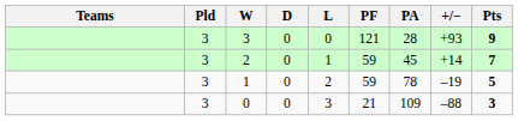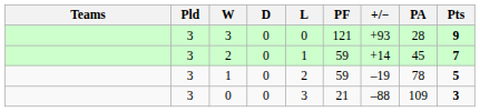 <table class="wikitable" style="text-align: center;">
 <tr>
 <th width="200">Teams</th>
 <th width="40">Pld</th>
 <th width="40">W</th>
 <th width="40">D</th>
 <th width="40">L</th>
 <th width="40">PF</th>
+<th width="40">+/−</th>
 <th width="40">PA</th>
-<th width="40">+/−</th>
 <th width="40">Pts</th>
 </tr>
 <tr bgcolor=ccffcc>
 <td align=left></td>
 <td>3</td>
 <td>3</td>
 <td>0</td>
 <td>0</td>
 <td>121</td>
+<td>+93</td>
 <td>28</td>
-<td>+93</td>
 <td><strong>9</strong></td>
 </tr>
 <tr bgcolor=ccffcc>
 <td align=left></td>
 <td>3</td>
 <td>2</td>
 <td>0</td>
 <td>1</td>
 <td>59</td>
+<td>+14</td>
 <td>45</td>
-<td>+14</td>
 <td><strong>7</strong></td>
 </tr>
 <tr>
 <td align=left></td>
 <td>3</td>
 <td>1</td>
 <td>0</td>
 <td>2</td>
 <td>59</td>
+<td>–19</td>
 <td>78</td>
-<td>–19</td>
 <td><strong>5</strong></td>
 </tr>
 <tr>
 <td align=left></td>
 <td>3</td>
 <td>0</td>
 <td>0</td>
 <td>3</td>
 <td>21</td>
+<td>–88</td>
 <td>109</td>
-<td>–88</td>
 <td><strong>3</strong></td>
 </tr>
 </table>
